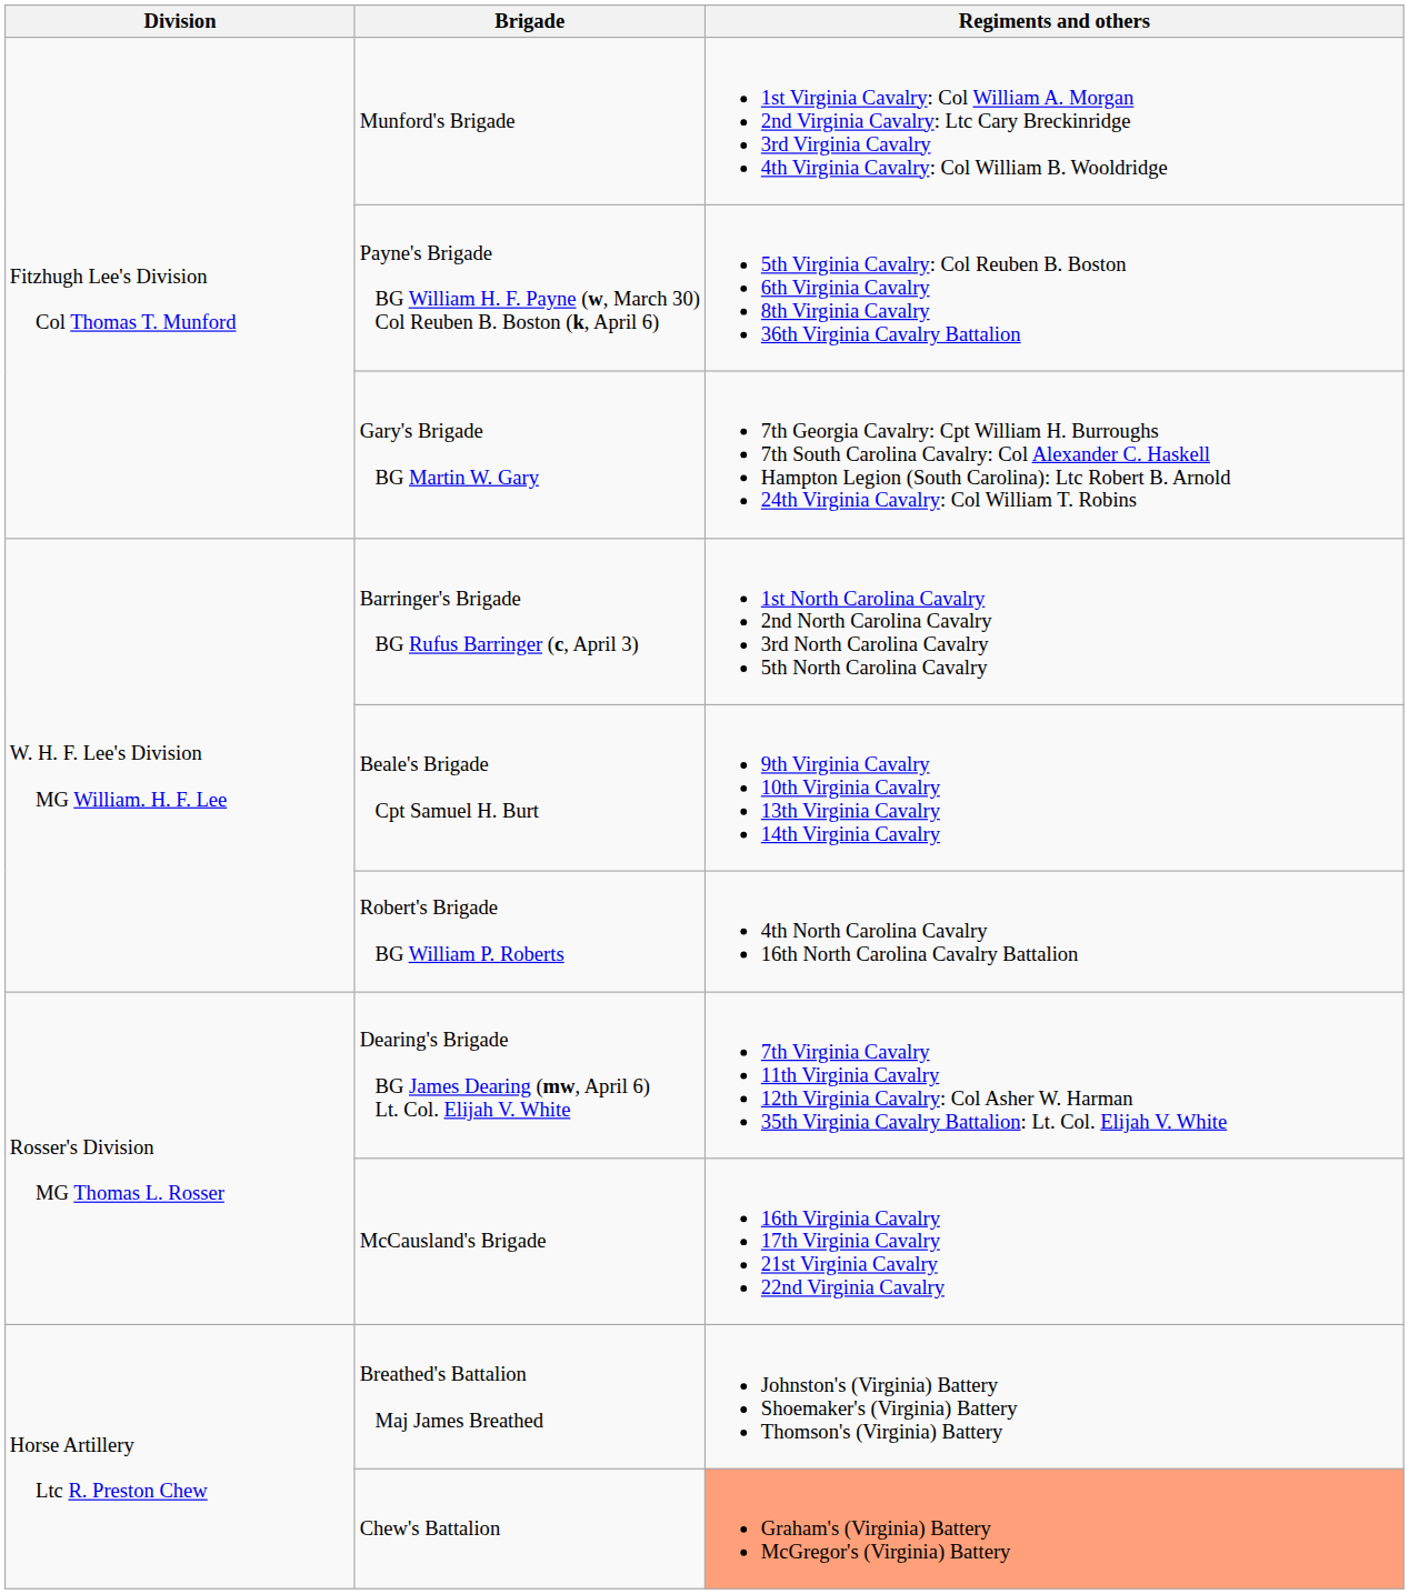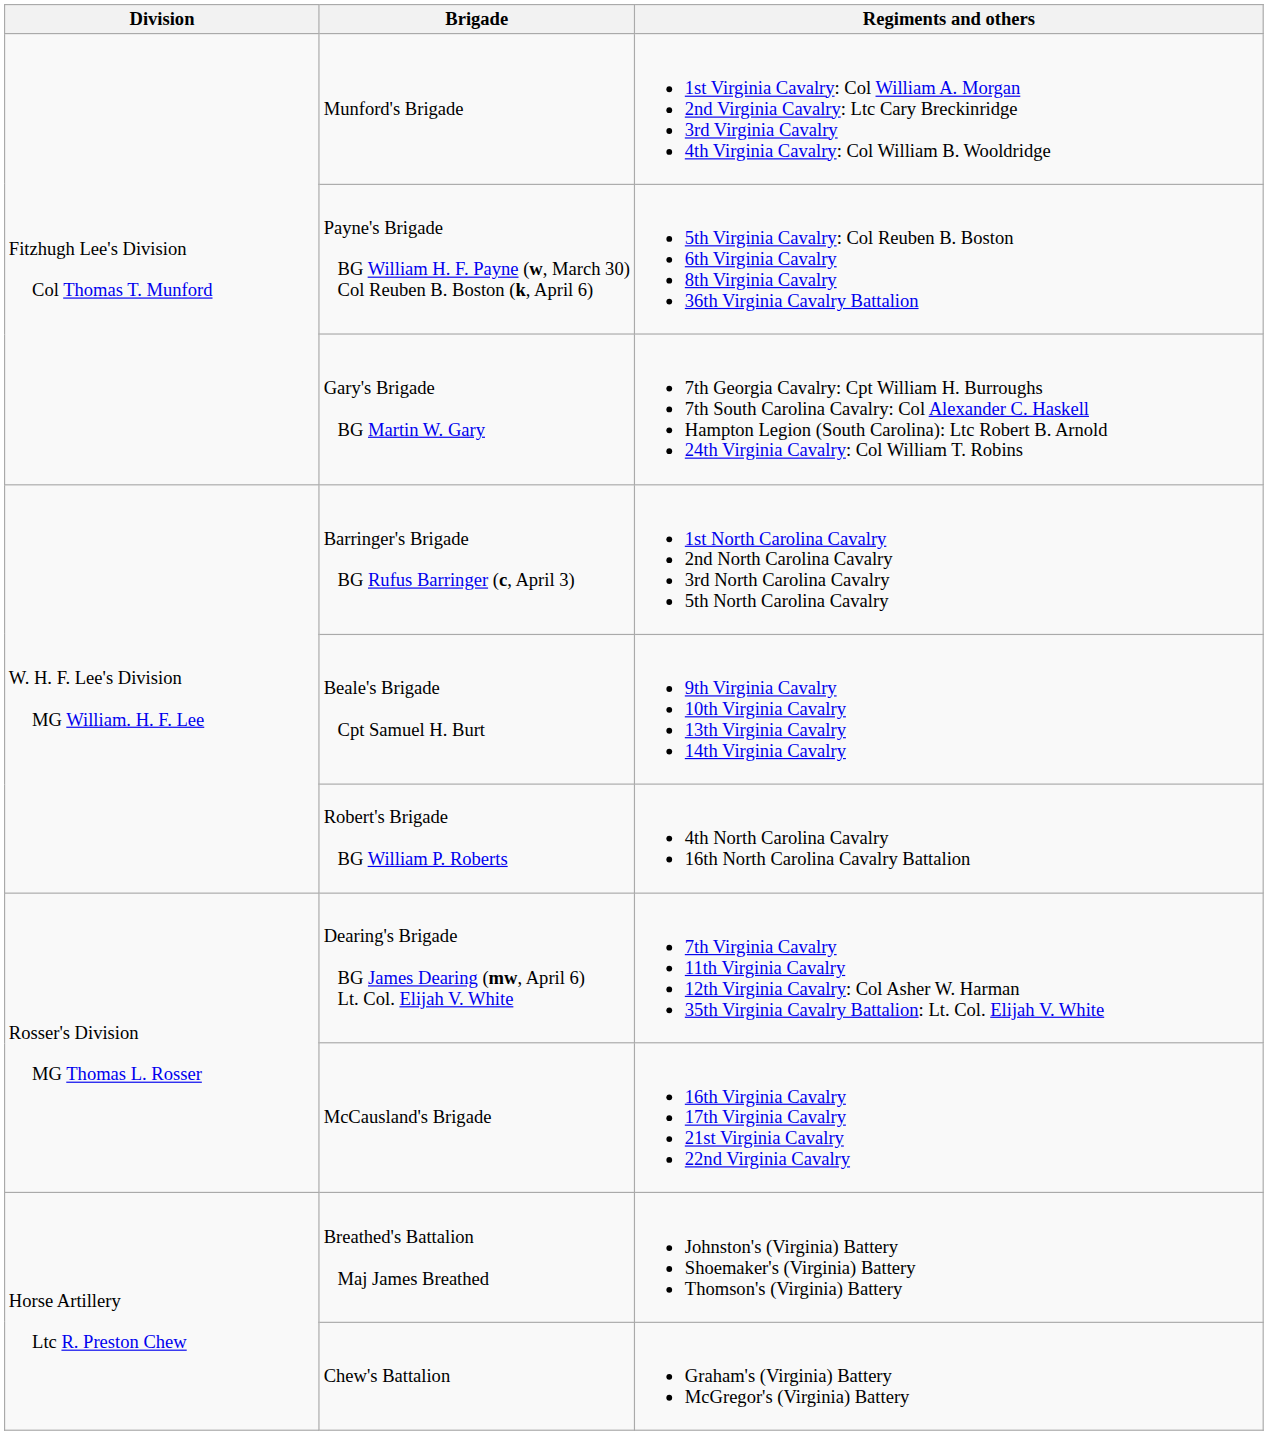 <table class="wikitable">
 <tr>
 <th style="width:25%;">Division</th>
 <th style="width:25%;">Brigade</th>
 <th>Regiments and others</th>
 </tr>
 <tr>
 <td rowspan=3><br>Fitzhugh Lee's Division<br><br>     Col <a href='#'>Thomas T. Munford</a></td>
 <td>Munford's Brigade</td>
 <td><br><ul><li><a href='#'>1st Virginia Cavalry</a>: Col <a href='#'>William A. Morgan</a></li><li><a href='#'>2nd Virginia Cavalry</a>: Ltc Cary Breckinridge</li><li><a href='#'>3rd Virginia Cavalry</a></li><li><a href='#'>4th Virginia Cavalry</a>: Col William B. Wooldridge</li></ul></td>
 </tr>
 <tr>
 <td>Payne's Brigade<br><br>   BG <a href='#'>William H. F. Payne</a> (<strong>w</strong>, March 30) <br>   Col Reuben B. Boston (<strong>k</strong>, April 6)</td>
 <td><br><ul><li><a href='#'>5th Virginia Cavalry</a>: Col Reuben B. Boston</li><li><a href='#'>6th Virginia Cavalry</a></li><li><a href='#'>8th Virginia Cavalry</a></li><li><a href='#'>36th Virginia Cavalry Battalion</a></li></ul></td>
 </tr>
 <tr>
 <td>Gary's Brigade<br><br>   BG <a href='#'>Martin W. Gary</a></td>
 <td><br><ul><li>7th Georgia Cavalry: Cpt William H. Burroughs</li><li>7th South Carolina Cavalry: Col <a href='#'>Alexander C. Haskell</a></li><li>Hampton Legion (South Carolina): Ltc Robert B. Arnold</li><li><a href='#'>24th Virginia Cavalry</a>: Col William T. Robins</li></ul></td>
 </tr>
 <tr>
 <td rowspan=3><br>W. H. F. Lee's Division<br><br>     MG <a href='#'>William. H. F. Lee</a></td>
 <td>Barringer's Brigade<br><br>   BG <a href='#'>Rufus Barringer</a> (<strong>c</strong>, April 3)</td>
 <td><br><ul><li><a href='#'>1st North Carolina Cavalry</a></li><li>2nd North Carolina Cavalry</li><li>3rd North Carolina Cavalry</li><li>5th North Carolina Cavalry</li></ul></td>
 </tr>
 <tr>
 <td>Beale's Brigade<br><br>   Cpt Samuel H. Burt</td>
 <td><br><ul><li><a href='#'>9th Virginia Cavalry</a></li><li><a href='#'>10th Virginia Cavalry</a></li><li><a href='#'>13th Virginia Cavalry</a></li><li><a href='#'>14th Virginia Cavalry</a></li></ul></td>
 </tr>
 <tr>
 <td>Robert's Brigade<br><br>   BG <a href='#'>William P. Roberts</a></td>
 <td><br><ul><li>4th North Carolina Cavalry</li><li>16th North Carolina Cavalry Battalion</li></ul></td>
 </tr>
 <tr>
 <td rowspan=2><br>Rosser's Division<br><br>     MG <a href='#'>Thomas L. Rosser</a></td>
 <td>Dearing's Brigade<br><br>   BG <a href='#'>James Dearing</a> (<strong>mw</strong>, April 6) <br>   Lt. Col. <a href='#'>Elijah V. White</a></td>
 <td><br><ul><li><a href='#'>7th Virginia Cavalry</a></li><li><a href='#'>11th Virginia Cavalry</a></li><li><a href='#'>12th Virginia Cavalry</a>: Col Asher W. Harman</li><li><a href='#'>35th Virginia Cavalry Battalion</a>: Lt. Col. <a href='#'>Elijah V. White</a></li></ul></td>
 </tr>
 <tr>
 <td>McCausland's Brigade</td>
 <td><br><ul><li><a href='#'>16th Virginia Cavalry</a></li><li><a href='#'>17th Virginia Cavalry</a></li><li><a href='#'>21st Virginia Cavalry</a></li><li><a href='#'>22nd Virginia Cavalry</a></li></ul></td>
 </tr>
 <tr>
 <td rowspan=2><br>Horse Artillery<br><br>     Ltc <a href='#'>R. Preston Chew</a></td>
 <td>Breathed's Battalion<br><br>   Maj James Breathed</td>
 <td><br><ul><li>Johnston's (Virginia) Battery</li><li>Shoemaker's (Virginia) Battery</li><li>Thomson's (Virginia) Battery</li></ul></td>
 </tr>
 <tr>
 <td>Chew's Battalion</td>
-<td style="background: lightsalmon;"><br><ul><li>Graham's (Virginia) Battery</li><li>McGregor's (Virginia) Battery</li></ul></td>
+<td><br><ul><li>Graham's (Virginia) Battery</li><li>McGregor's (Virginia) Battery</li></ul></td>
 </tr>
 </table>
